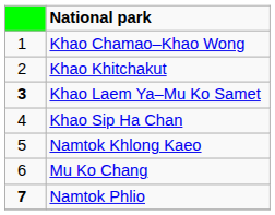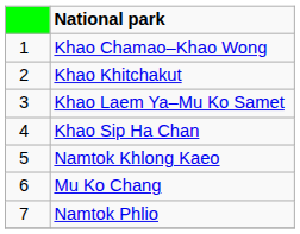 <table class= "wikitable" style= "width:30%; display:inline-table;">
 <tr>
 <td style="width:3%; background:#00FF00;"> </td>
 <td style="width:27%;"><strong>National park</strong></td>
 </tr>
 <tr>
 <td>  1</td>
 <td><a href='#'>Khao Chamao–Khao Wong</a></td>
 </tr>
 <tr>
 <td>  2</td>
 <td><a href='#'>Khao Khitchakut</a></td>
 </tr>
 <tr>
-<td><strong>  3</strong></td>
+<td>  3</td>
 <td><a href='#'>Khao Laem Ya–Mu Ko Samet</a></td>
 </tr>
 <tr>
 <td>  4</td>
 <td><a href='#'>Khao Sip Ha Chan</a></td>
 </tr>
 <tr>
 <td>  5</td>
 <td><a href='#'>Namtok Khlong Kaeo</a></td>
 </tr>
 <tr>
 <td>  6</td>
 <td><a href='#'>Mu Ko Chang</a></td>
 </tr>
 <tr>
-<td><strong>  7</strong></td>
+<td>  7</td>
 <td><a href='#'>Namtok Phlio</a></td>
 </tr>
 <tr>
 </tr>
 </table>
